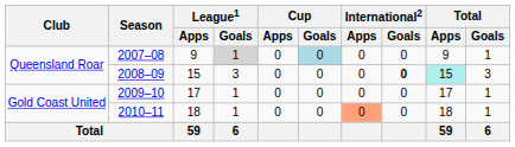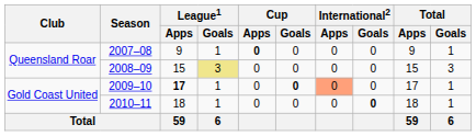 <table class="wikitable" style="text-align: center;">
 <tr>
 <th rowspan="2">Club</th>
 <th rowspan="2" width="80">Season</th>
 <th colspan="2" width="105">League<sup>1</sup></th>
 <th colspan="2" width="105">Cup</th>
 <th colspan="2" width="105">International<sup>2</sup></th>
 <th colspan="2" width="105">Total</th>
 </tr>
 <tr>
 <th>Apps</th>
 <th>Goals</th>
 <th>Apps</th>
 <th>Goals</th>
 <th>Apps</th>
 <th>Goals</th>
 <th>Apps</th>
 <th>Goals</th>
 </tr>
 <tr>
 <td rowspan="2" valign="center"><a href='#'>Queensland Roar</a></td>
 <td><a href='#'>2007–08</a></td>
 <td>9</td>
-<td style="background: lightgrey;">1</td>
+<td>1</td>
+<td><strong>0</strong></td>
 <td>0</td>
-<td style="background: lightblue;">0</td>
 <td>0</td>
 <td>0</td>
 <td>9</td>
 <td>1</td>
 </tr>
 <tr>
 <td><a href='#'>2008–09</a></td>
 <td>15</td>
-<td>3</td>
+<td style="background: khaki;">3</td>
 <td>0</td>
 <td>0</td>
 <td>0</td>
-<td><strong>0</strong></td>
-<td style="background: paleturquoise;">15</td>
+<td>0</td>
+<td>15</td>
 <td>3</td>
 </tr>
 <tr>
 <td rowspan="2" valign="center"><a href='#'>Gold Coast United</a></td>
 <td><a href='#'>2009–10</a></td>
-<td>17</td>
+<td><strong>17</strong></td>
 <td>1</td>
 <td>0</td>
-<td>0</td>
-<td>0</td>
+<td><strong>0</strong></td>
+<td style="background: lightsalmon;">0</td>
 <td>0</td>
 <td>17</td>
 <td>1</td>
 </tr>
 <tr>
 <td><a href='#'>2010–11</a></td>
 <td>18</td>
 <td>1</td>
 <td>0</td>
 <td>0</td>
-<td style="background: lightsalmon;">0</td>
 <td>0</td>
+<td><strong>0</strong></td>
 <td>18</td>
 <td>1</td>
 </tr>
 <tr>
 <th colspan="2">Total</th>
 <th>59</th>
 <th>6</th>
 <th></th>
 <th></th>
 <th></th>
 <th></th>
 <th>59</th>
 <th>6</th>
 </tr>
 </table>
